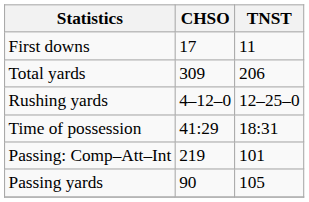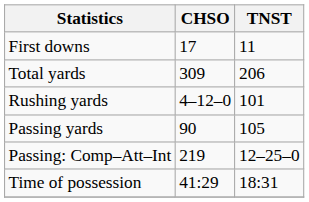 <table class="wikitable" style="float: left;">
 <tr>
 <th>Statistics</th>
 <th>CHSO</th>
 <th>TNST</th>
 </tr>
 <tr>
 <td>First downs</td>
 <td>17</td>
 <td>11</td>
 </tr>
 <tr>
 <td>Total yards</td>
 <td>309</td>
 <td>206</td>
 </tr>
 <tr>
 <td>Rushing yards</td>
 <td>4–12–0</td>
+<td>101</td>
+</tr>
+<tr>
+<td>Passing yards</td>
+<td>90</td>
+<td>105</td>
+</tr>
+<tr>
+<td>Passing: Comp–Att–Int</td>
+<td>219</td>
 <td>12–25–0</td>
 </tr>
 <tr>
 <td>Time of possession</td>
 <td>41:29</td>
 <td>18:31</td>
 </tr>
 <tr>
-<td>Passing: Comp–Att–Int</td>
-<td>219</td>
-<td>101</td>
-</tr>
-<tr>
-<td>Passing yards</td>
-<td>90</td>
-<td>105</td>
-</tr>
-<tr>
 </tr>
 </table>
